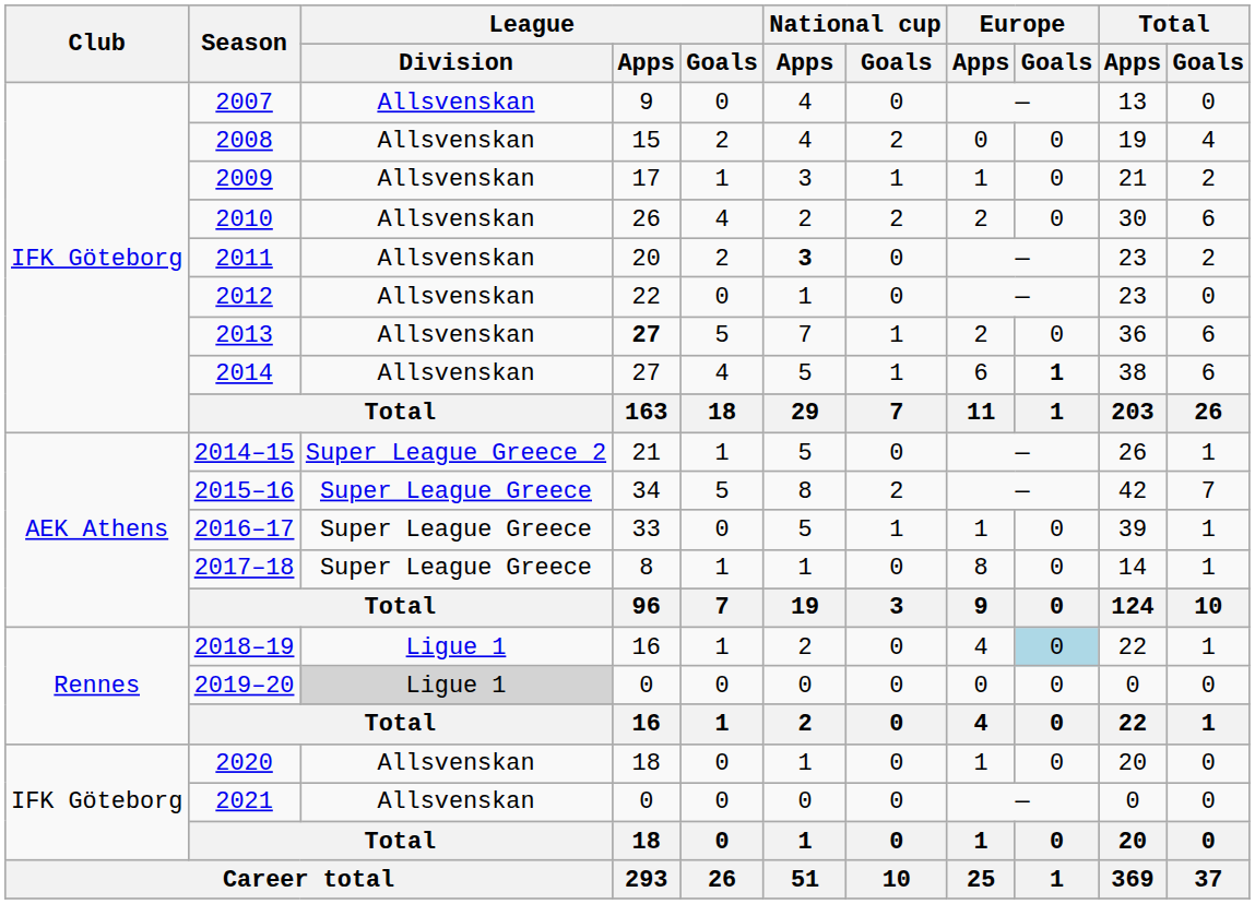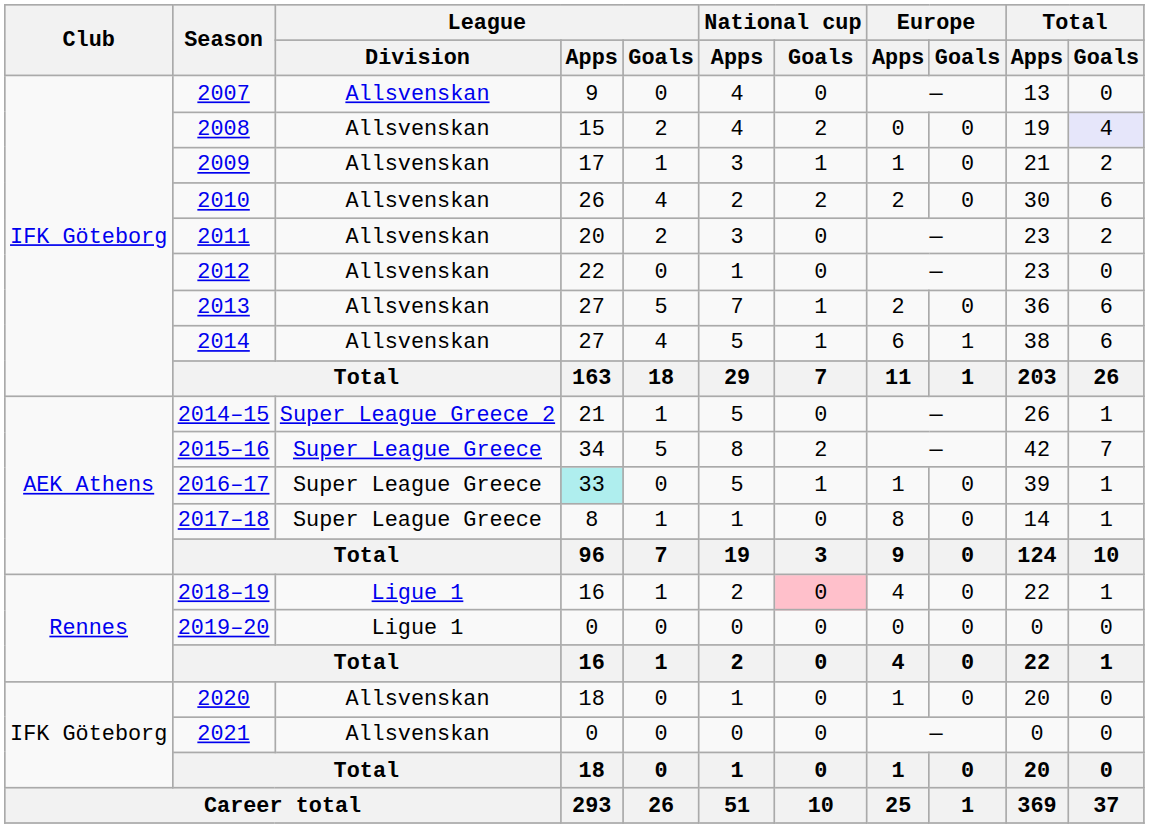 <table class="wikitable" style="text-align:center">
 <tr>
 <th rowspan="2">Club</th>
 <th rowspan="2">Season</th>
 <th colspan="3">League</th>
 <th colspan="2">National cup</th>
 <th colspan="2">Europe</th>
 <th colspan="2">Total</th>
 </tr>
 <tr>
 <th>Division</th>
 <th>Apps</th>
 <th>Goals</th>
 <th>Apps</th>
 <th>Goals</th>
 <th>Apps</th>
 <th>Goals</th>
 <th>Apps</th>
 <th>Goals</th>
 </tr>
 <tr>
 <td rowspan="9"><a href='#'>IFK Göteborg</a></td>
 <td><a href='#'>2007</a></td>
 <td><a href='#'>Allsvenskan</a></td>
 <td>9</td>
 <td>0</td>
 <td>4</td>
 <td>0</td>
 <td colspan="2">—</td>
 <td>13</td>
 <td>0</td>
 </tr>
 <tr>
 <td><a href='#'>2008</a></td>
 <td>Allsvenskan</td>
 <td>15</td>
 <td>2</td>
 <td>4</td>
 <td>2</td>
 <td>0</td>
 <td>0</td>
 <td>19</td>
-<td>4</td>
+<td style="background: lavender;">4</td>
 </tr>
 <tr>
 <td><a href='#'>2009</a></td>
 <td>Allsvenskan</td>
 <td>17</td>
 <td>1</td>
 <td>3</td>
 <td>1</td>
 <td>1</td>
 <td>0</td>
 <td>21</td>
 <td>2</td>
 </tr>
 <tr>
 <td><a href='#'>2010</a></td>
 <td>Allsvenskan</td>
 <td>26</td>
 <td>4</td>
 <td>2</td>
 <td>2</td>
 <td>2</td>
 <td>0</td>
 <td>30</td>
 <td>6</td>
 </tr>
 <tr>
 <td><a href='#'>2011</a></td>
 <td>Allsvenskan</td>
 <td>20</td>
 <td>2</td>
-<td><strong>3</strong></td>
+<td>3</td>
 <td>0</td>
 <td colspan="2">—</td>
 <td>23</td>
 <td>2</td>
 </tr>
 <tr>
 <td><a href='#'>2012</a></td>
 <td>Allsvenskan</td>
 <td>22</td>
 <td>0</td>
 <td>1</td>
 <td>0</td>
 <td colspan="2">—</td>
 <td>23</td>
 <td>0</td>
 </tr>
 <tr>
 <td><a href='#'>2013</a></td>
 <td>Allsvenskan</td>
-<td><strong>27</strong></td>
+<td>27</td>
 <td>5</td>
 <td>7</td>
 <td>1</td>
 <td>2</td>
 <td>0</td>
 <td>36</td>
 <td>6</td>
 </tr>
 <tr>
 <td><a href='#'>2014</a></td>
 <td>Allsvenskan</td>
 <td>27</td>
 <td>4</td>
 <td>5</td>
 <td>1</td>
 <td>6</td>
-<td><strong>1</strong></td>
+<td>1</td>
 <td>38</td>
 <td>6</td>
 </tr>
 <tr>
 <th colspan="2">Total</th>
 <th>163</th>
 <th>18</th>
 <th>29</th>
 <th>7</th>
 <th>11</th>
 <th>1</th>
 <th>203</th>
 <th>26</th>
 </tr>
 <tr>
 <td rowspan="5"><a href='#'>AEK Athens</a></td>
 <td><a href='#'>2014–15</a></td>
 <td><a href='#'>Super League Greece 2</a></td>
 <td>21</td>
 <td>1</td>
 <td>5</td>
 <td>0</td>
 <td colspan="2">—</td>
 <td>26</td>
 <td>1</td>
 </tr>
 <tr>
 <td><a href='#'>2015–16</a></td>
 <td><a href='#'>Super League Greece</a></td>
 <td>34</td>
 <td>5</td>
 <td>8</td>
 <td>2</td>
 <td colspan="2">—</td>
 <td>42</td>
 <td>7</td>
 </tr>
 <tr>
 <td><a href='#'>2016–17</a></td>
 <td>Super League Greece</td>
-<td>33</td>
+<td style="background: paleturquoise;">33</td>
 <td>0</td>
 <td>5</td>
 <td>1</td>
 <td>1</td>
 <td>0</td>
 <td>39</td>
 <td>1</td>
 </tr>
 <tr>
 <td><a href='#'>2017–18</a></td>
 <td>Super League Greece</td>
 <td>8</td>
 <td>1</td>
 <td>1</td>
 <td>0</td>
 <td>8</td>
 <td>0</td>
 <td>14</td>
 <td>1</td>
 </tr>
 <tr>
 <th colspan="2">Total</th>
 <th>96</th>
 <th>7</th>
 <th>19</th>
 <th>3</th>
 <th>9</th>
 <th>0</th>
 <th>124</th>
 <th>10</th>
 </tr>
 <tr>
 <td rowspan="3"><a href='#'>Rennes</a></td>
 <td><a href='#'>2018–19</a></td>
 <td><a href='#'>Ligue 1</a></td>
 <td>16</td>
 <td>1</td>
 <td>2</td>
+<td style="background: pink;">0</td>
+<td>4</td>
 <td>0</td>
-<td>4</td>
-<td style="background: lightblue;">0</td>
 <td>22</td>
 <td>1</td>
 </tr>
 <tr>
 <td><a href='#'>2019–20</a></td>
-<td style="background: lightgrey;">Ligue 1</td>
+<td>Ligue 1</td>
 <td>0</td>
 <td>0</td>
 <td>0</td>
 <td>0</td>
 <td>0</td>
 <td>0</td>
 <td>0</td>
 <td>0</td>
 </tr>
 <tr>
 <th colspan="2">Total</th>
 <th>16</th>
 <th>1</th>
 <th>2</th>
 <th>0</th>
 <th>4</th>
 <th>0</th>
 <th>22</th>
 <th>1</th>
 </tr>
 <tr>
 <td rowspan="3">IFK Göteborg</td>
 <td><a href='#'>2020</a></td>
 <td>Allsvenskan</td>
 <td>18</td>
 <td>0</td>
 <td>1</td>
 <td>0</td>
 <td>1</td>
 <td>0</td>
 <td>20</td>
 <td>0</td>
 </tr>
 <tr>
 <td><a href='#'>2021</a></td>
 <td>Allsvenskan</td>
 <td>0</td>
 <td>0</td>
 <td>0</td>
 <td>0</td>
 <td colspan="2">—</td>
 <td>0</td>
 <td>0</td>
 </tr>
 <tr>
 <th colspan="2">Total</th>
 <th>18</th>
 <th>0</th>
 <th>1</th>
 <th>0</th>
 <th>1</th>
 <th>0</th>
 <th>20</th>
 <th>0</th>
 </tr>
 <tr>
 <th colspan="3">Career total</th>
 <th>293</th>
 <th>26</th>
 <th>51</th>
 <th>10</th>
 <th>25</th>
 <th>1</th>
 <th>369</th>
 <th>37</th>
 </tr>
 </table>
